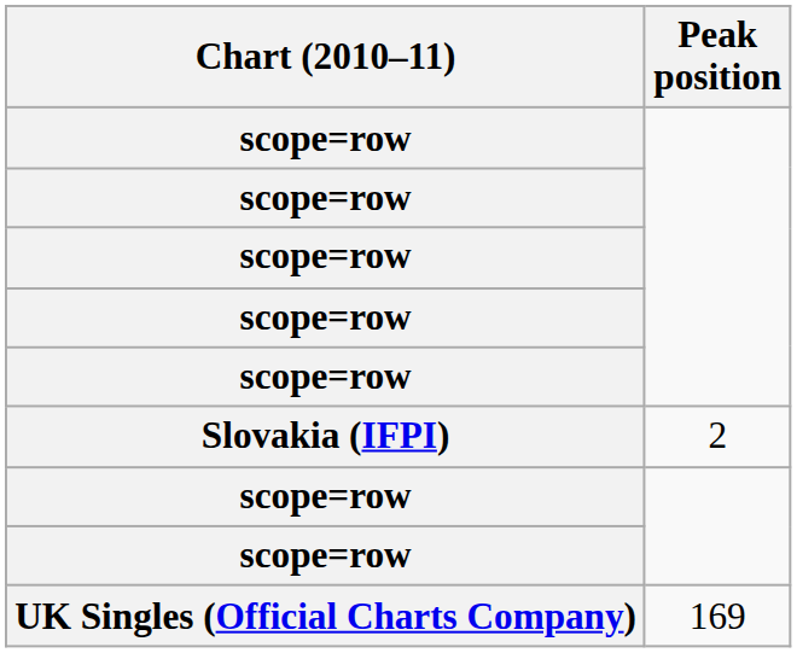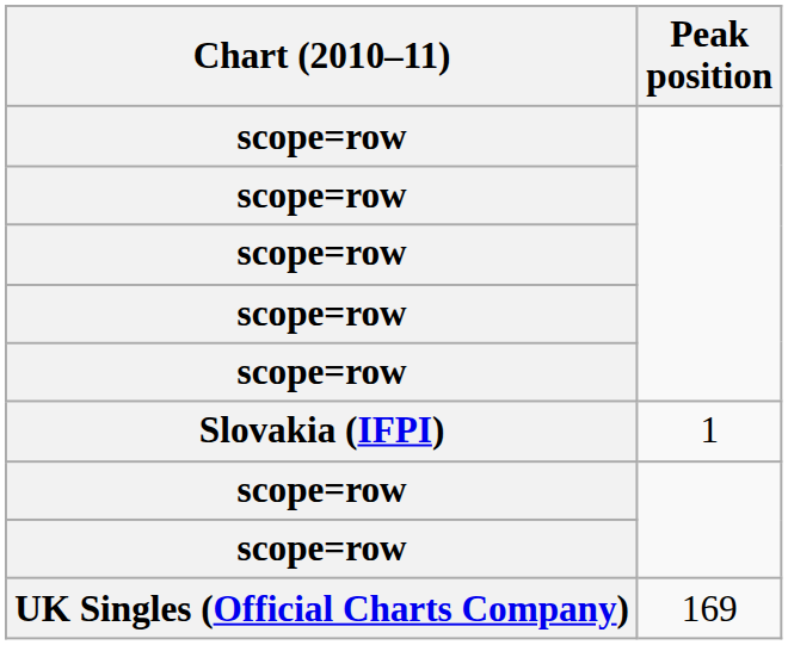 <table class="wikitable sortable plainrowheaders">
 <tr>
 <th>Chart (2010–11)</th>
 <th>Peak<br>position</th>
 </tr>
 <tr>
 <th>scope=row</th>
 </tr>
 <tr>
 <th>scope=row</th>
 </tr>
 <tr>
 <th>scope=row</th>
 </tr>
 <tr>
 <th>scope=row</th>
 </tr>
 <tr>
 <th>scope=row</th>
 </tr>
 <tr>
 <th scope=row>Slovakia (<a href='#'>IFPI</a>)</th>
-<td style="text-align:center;">2</td>
+<td style="text-align:center;">1</td>
 </tr>
 <tr>
 <th>scope=row</th>
 </tr>
 <tr>
 <th>scope=row</th>
 </tr>
 <tr>
 <th scope=row>UK Singles (<a href='#'>Official Charts Company</a>)</th>
 <td style="text-align:center;">169</td>
 </tr>
 </table>
